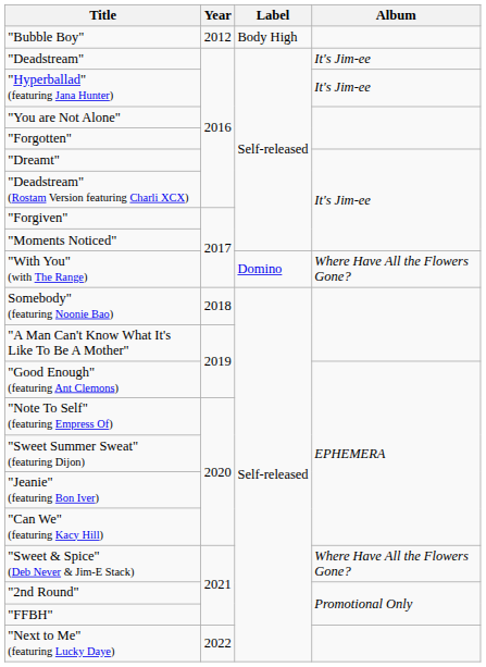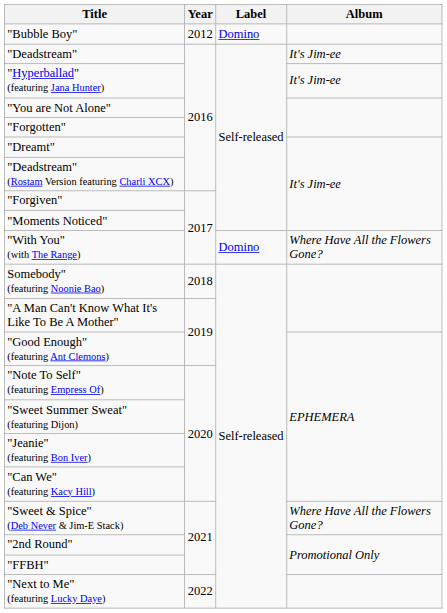 <table class="wikitable">
 <tr>
 <th scope="col" style="width:14em;">Title</th>
 <th scope="col" style="width:1em;">Year</th>
 <th>Label</th>
 <th scope="col" style="width:12em;">Album</th>
 </tr>
 <tr>
 <td>"Bubble Boy"</td>
 <td>2012</td>
-<td>Body High</td>
+<td><a href='#'>Domino</a></td>
 <td></td>
 </tr>
 <tr>
 <td>"Deadstream"</td>
 <td rowspan="6">2016</td>
 <td rowspan="8">Self-released</td>
 <td><em>It's Jim-ee</em></td>
 </tr>
 <tr>
 <td>"<a href='#'>Hyperballad</a>"<br><small>(featuring <a href='#'>Jana Hunter</a>)</small></td>
 <td><em>It's Jim-ee</em></td>
 </tr>
 <tr>
 <td>"You are Not Alone"</td>
 </tr>
 <tr>
 <td>"Forgotten"</td>
 </tr>
 <tr>
 <td>"Dreamt"</td>
 <td rowspan="4"><em>It's Jim-ee</em></td>
 </tr>
 <tr>
 <td>"Deadstream"<br><small>(<a href='#'>Rostam</a> Version featuring <a href='#'>Charli XCX</a>)</small></td>
 </tr>
 <tr>
 <td>"Forgiven"</td>
 <td rowspan="3">2017</td>
 </tr>
 <tr>
 <td>"Moments Noticed"</td>
 </tr>
 <tr>
 <td>"With You"<br><small>(with <a href='#'>The Range</a>)</small></td>
 <td><a href='#'>Domino</a></td>
 <td><em>Where Have All the Flowers Gone?</em></td>
 </tr>
 <tr>
 <td>Somebody"<br><small>(featuring <a href='#'>Noonie Bao</a>)</small></td>
 <td>2018</td>
 <td rowspan="11">Self-released</td>
 </tr>
 <tr>
 <td>"A Man Can't Know What It's Like To Be A Mother"</td>
 <td rowspan="2">2019</td>
 </tr>
 <tr>
 <td>"Good Enough"<br><small>(featuring <a href='#'>Ant Clemons</a>)</small></td>
 <td rowspan="5"><em>EPHEMERA</em></td>
 </tr>
 <tr>
 <td>"Note To Self"<br><small>(featuring <a href='#'>Empress Of</a>)</small></td>
 <td rowspan="4">2020</td>
 </tr>
 <tr>
 <td>"Sweet Summer Sweat"<br><small>(featuring Dijon)</small></td>
 </tr>
 <tr>
 <td>"Jeanie"<br><small>(featuring <a href='#'>Bon Iver</a>)</small></td>
 </tr>
 <tr>
 <td>"Can We"<br><small>(featuring <a href='#'>Kacy Hill</a>)</small></td>
 </tr>
 <tr>
 <td>"Sweet & Spice"<br><small>(<a href='#'>Deb Never</a> & Jim-E Stack)</small></td>
 <td rowspan="3">2021</td>
 <td><em>Where Have All the Flowers Gone?</em></td>
 </tr>
 <tr>
 <td>"2nd Round"</td>
 <td rowspan="2"><em>Promotional Only</em></td>
 </tr>
 <tr>
 <td>"FFBH"</td>
 </tr>
 <tr>
 <td>"Next to Me"<br><small>(featuring <a href='#'>Lucky Daye</a>)</small></td>
 <td>2022</td>
 <td></td>
 </tr>
 </table>
